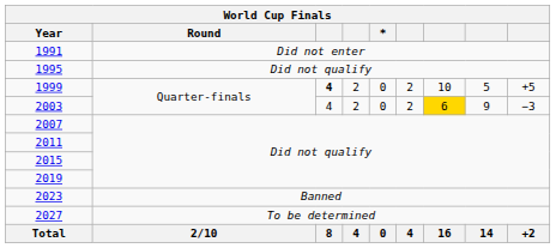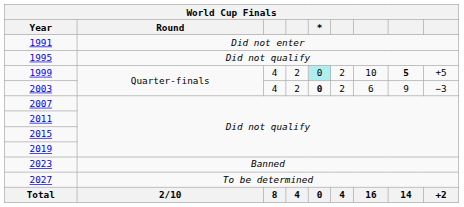 <table class="wikitable" style="text-align: center; width:50%;">
 <tr>
 <th colspan=10>World Cup Finals</th>
 </tr>
 <tr>
 <th>Year</th>
 <th>Round</th>
 <th></th>
 <th></th>
 <th>*</th>
 <th></th>
 <th></th>
 <th></th>
 <th></th>
 </tr>
 <tr>
 <td> <a href='#'>1991</a></td>
 <td colspan=8><em>Did not enter</em></td>
 </tr>
 <tr>
 <td> <a href='#'>1995</a></td>
 <td colspan=8><em>Did not qualify</em></td>
 </tr>
 <tr>
 <td> <a href='#'>1999</a></td>
 <td rowspan=2>Quarter-finals</td>
-<td><strong>4</strong></td>
+<td>4</td>
 <td>2</td>
-<td>0</td>
+<td style="background: paleturquoise;">0</td>
 <td>2</td>
 <td>10</td>
-<td>5</td>
+<td><strong>5</strong></td>
 <td>+5</td>
 </tr>
 <tr>
 <td> <a href='#'>2003</a></td>
 <td>4</td>
 <td>2</td>
-<td>0</td>
+<td><strong>0</strong></td>
 <td>2</td>
-<td style="background: gold;">6</td>
+<td>6</td>
 <td>9</td>
 <td>−3</td>
 </tr>
 <tr>
 <td> <a href='#'>2007</a></td>
 <td colspan=8 rowspan=4><em>Did not qualify</em></td>
 </tr>
 <tr>
 <td> <a href='#'>2011</a></td>
 </tr>
 <tr>
 <td> <a href='#'>2015</a></td>
 </tr>
 <tr>
 <td> <a href='#'>2019</a></td>
 </tr>
 <tr>
 <td> <a href='#'>2023</a></td>
 <td colspan=8><em>Banned</em></td>
 </tr>
 <tr>
 <td> <a href='#'>2027</a></td>
 <td colspan=8><em>To be determined</em></td>
 </tr>
 <tr>
 <th>Total</th>
 <th>2/10</th>
 <th>8</th>
 <th>4</th>
 <th>0</th>
 <th>4</th>
 <th>16</th>
 <th>14</th>
 <th>+2</th>
 </tr>
 </table>
